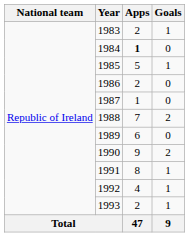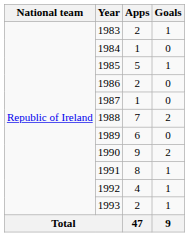 <table class="wikitable" style="text-align:center">
 <tr>
 <th>National team</th>
 <th>Year</th>
 <th>Apps</th>
 <th>Goals</th>
 </tr>
 <tr>
 <td rowspan="11"><a href='#'>Republic of Ireland</a></td>
 <td>1983</td>
 <td>2</td>
 <td>1</td>
 </tr>
 <tr>
 <td>1984</td>
-<td><strong>1</strong></td>
+<td>1</td>
 <td>0</td>
 </tr>
 <tr>
 <td>1985</td>
 <td>5</td>
 <td>1</td>
 </tr>
 <tr>
 <td>1986</td>
 <td>2</td>
 <td>0</td>
 </tr>
 <tr>
 <td>1987</td>
 <td>1</td>
 <td>0</td>
 </tr>
 <tr>
 <td>1988</td>
 <td>7</td>
 <td>2</td>
 </tr>
 <tr>
 <td>1989</td>
 <td>6</td>
 <td>0</td>
 </tr>
 <tr>
 <td>1990</td>
 <td>9</td>
 <td>2</td>
 </tr>
 <tr>
 <td>1991</td>
 <td>8</td>
 <td>1</td>
 </tr>
 <tr>
 <td>1992</td>
 <td>4</td>
 <td>1</td>
 </tr>
 <tr>
 <td>1993</td>
 <td>2</td>
 <td>1</td>
 </tr>
 <tr>
 <th colspan="2">Total</th>
 <th>47</th>
 <th>9</th>
 </tr>
 </table>
